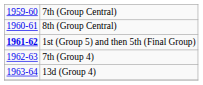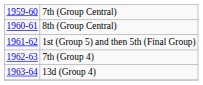 <table class ="wikitable" style="font-size:14px;">
 <tr>
 <td><a href='#'>1959-60</a></td>
 <td>7th (Group Central)</td>
 </tr>
 <tr>
 <td><a href='#'>1960-61</a></td>
 <td>8th (Group Central)</td>
 </tr>
 <tr>
-<td><strong><a href='#'>1961-62</a></strong></td>
+<td><a href='#'>1961-62</a></td>
 <td>1st (Group 5) and then 5th (Final Group)</td>
 </tr>
 <tr>
 <td><a href='#'>1962-63</a></td>
 <td>7th (Group 4)</td>
 </tr>
 <tr>
 <td><a href='#'>1963-64</a></td>
 <td>13d (Group 4)</td>
 </tr>
 <tr>
 </tr>
 </table>
